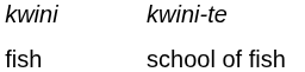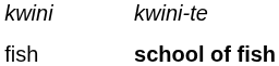 <table border="0" cellspacing="0" cellpadding="6" style="border-collapse:collapse">
 <tr>
 <td>   </td>
 <td><em>kwini </em></td>
 <td>        </td>
 <td><em>kwini-te</em></td>
 </tr>
 <tr>
 <td></td>
 <td>fish</td>
 <td></td>
-<td>school of fish</td>
+<td><strong>school of fish</strong></td>
 </tr>
 </table>
